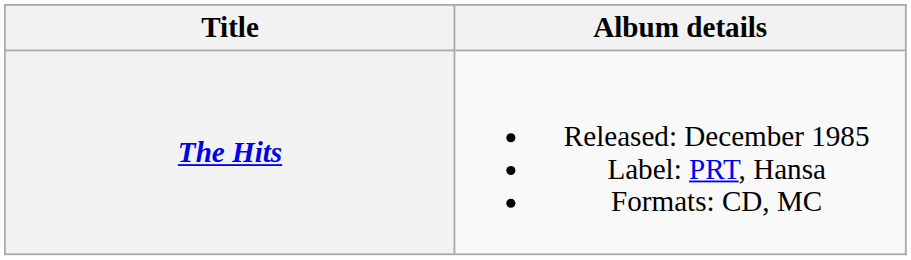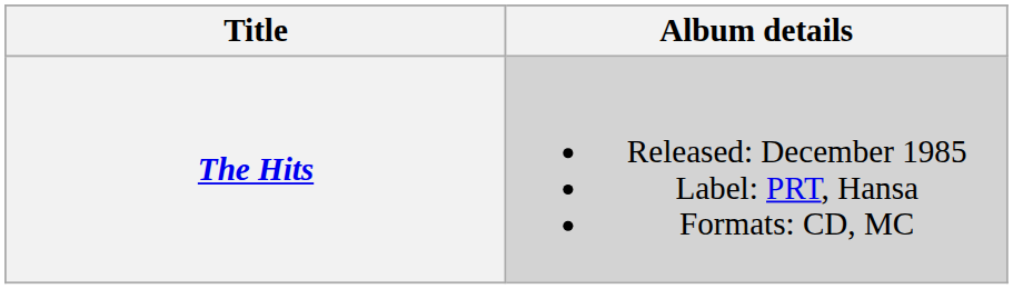 <table class="wikitable plainrowheaders" style="text-align:center;">
 <tr>
 <th scope="col" style="width:15em;">Title</th>
 <th scope="col" style="width:15em;">Album details</th>
 </tr>
 <tr>
 <th scope="row"><em><a href='#'>The Hits</a></em></th>
-<td><br><ul><li>Released: December 1985</li><li>Label: <a href='#'>PRT</a>, Hansa</li><li>Formats: CD, MC</li></ul></td>
+<td style="background: lightgrey;"><br><ul><li>Released: December 1985</li><li>Label: <a href='#'>PRT</a>, Hansa</li><li>Formats: CD, MC</li></ul></td>
 </tr>
 </table>
